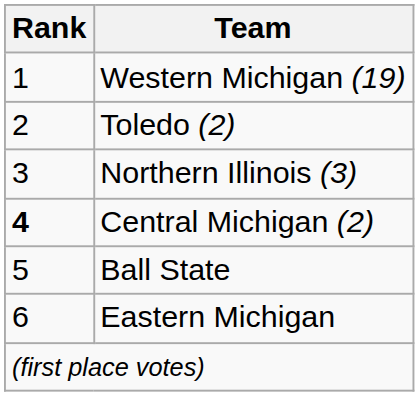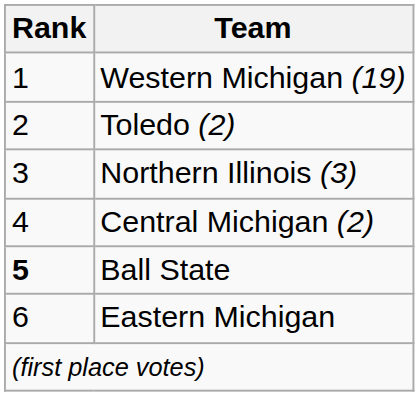 <table class=wikitable>
 <tr>
 <th>Rank</th>
 <th>Team</th>
 </tr>
 <tr>
 <td>1</td>
 <td>Western Michigan <em>(19)</em></td>
 </tr>
 <tr>
 <td>2</td>
 <td>Toledo <em>(2)</em></td>
 </tr>
 <tr>
 <td>3</td>
 <td>Northern Illinois <em>(3)</em></td>
 </tr>
 <tr>
-<td><strong>4</strong></td>
+<td>4</td>
 <td>Central Michigan <em>(2)</em></td>
 </tr>
 <tr>
-<td>5</td>
+<td><strong>5</strong></td>
 <td>Ball State</td>
 </tr>
 <tr>
 <td>6</td>
 <td>Eastern Michigan</td>
 </tr>
 <tr>
 <td colspan=3 valign=middle><small><em>(first place votes)</em></small></td>
 </tr>
 </table>
